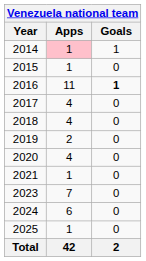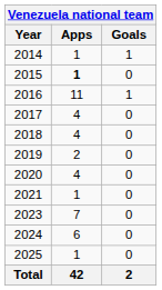 <table class="wikitable" style="text-align:center">
 <tr>
 <th colspan=3><a href='#'>Venezuela national team</a></th>
 </tr>
 <tr>
 <th>Year</th>
 <th>Apps</th>
 <th>Goals</th>
 </tr>
 <tr>
 <td>2014</td>
-<td style="background: pink;">1</td>
+<td>1</td>
 <td>1</td>
 </tr>
 <tr>
 <td>2015</td>
-<td>1</td>
+<td><strong>1</strong></td>
 <td>0</td>
 </tr>
 <tr>
 <td>2016</td>
 <td>11</td>
-<td><strong>1</strong></td>
+<td>1</td>
 </tr>
 <tr>
 <td>2017</td>
 <td>4</td>
 <td>0</td>
 </tr>
 <tr>
 <td>2018</td>
 <td>4</td>
 <td>0</td>
 </tr>
 <tr>
 <td>2019</td>
 <td>2</td>
 <td>0</td>
 </tr>
 <tr>
 <td>2020</td>
 <td>4</td>
 <td>0</td>
 </tr>
 <tr>
 <td>2021</td>
 <td>1</td>
 <td>0</td>
 </tr>
 <tr>
 <td>2023</td>
 <td>7</td>
 <td>0</td>
 </tr>
 <tr>
 <td>2024</td>
 <td>6</td>
 <td>0</td>
 </tr>
 <tr>
 <td>2025</td>
 <td>1</td>
 <td>0</td>
 </tr>
 <tr>
 <th>Total</th>
 <th>42</th>
 <th>2</th>
 </tr>
 </table>
